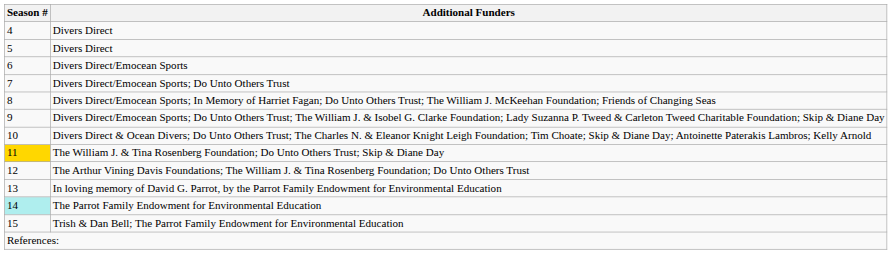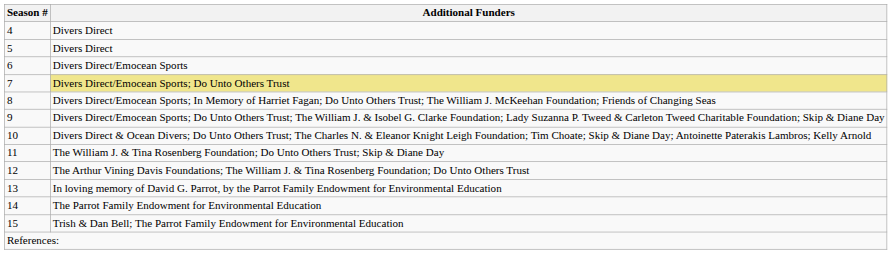 <table class="wikitable">
 <tr>
 <th>Season #</th>
 <th>Additional Funders</th>
 </tr>
 <tr>
 <td>4</td>
 <td>Divers Direct</td>
 </tr>
 <tr>
 <td>5</td>
 <td>Divers Direct</td>
 </tr>
 <tr>
 <td>6</td>
 <td>Divers Direct/Emocean Sports</td>
 </tr>
 <tr>
 <td>7</td>
-<td>Divers Direct/Emocean Sports; Do Unto Others Trust</td>
+<td style="background: khaki;">Divers Direct/Emocean Sports; Do Unto Others Trust</td>
 </tr>
 <tr>
 <td>8</td>
 <td>Divers Direct/Emocean Sports; In Memory of Harriet Fagan; Do Unto Others Trust; The William J. McKeehan Foundation; Friends of Changing Seas</td>
 </tr>
 <tr>
 <td>9</td>
 <td>Divers Direct/Emocean Sports; Do Unto Others Trust; The William J. & Isobel G. Clarke Foundation; Lady Suzanna P. Tweed & Carleton Tweed Charitable Foundation; Skip & Diane Day</td>
 </tr>
 <tr>
 <td>10</td>
 <td>Divers Direct & Ocean Divers; Do Unto Others Trust; The Charles N. & Eleanor Knight Leigh Foundation; Tim Choate; Skip & Diane Day; Antoinette Paterakis Lambros; Kelly Arnold</td>
 </tr>
 <tr>
-<td style="background: gold;">11</td>
+<td>11</td>
 <td>The William J. & Tina Rosenberg Foundation; Do Unto Others Trust; Skip & Diane Day</td>
 </tr>
 <tr>
 <td>12</td>
 <td>The Arthur Vining Davis Foundations; The William J. & Tina Rosenberg Foundation; Do Unto Others Trust</td>
 </tr>
 <tr>
 <td>13</td>
 <td>In loving memory of David G. Parrot, by the Parrot Family Endowment for Environmental Education</td>
 </tr>
 <tr>
-<td style="background: paleturquoise;">14</td>
+<td>14</td>
 <td>The Parrot Family Endowment for Environmental Education</td>
 </tr>
 <tr>
 <td>15</td>
 <td>Trish & Dan Bell; The Parrot Family Endowment for Environmental Education</td>
 </tr>
 <tr>
 <td colspan="2">References:<br></td>
 </tr>
 </table>
